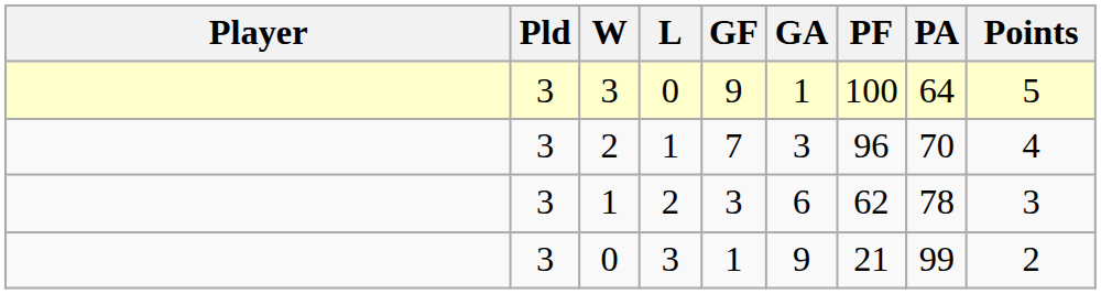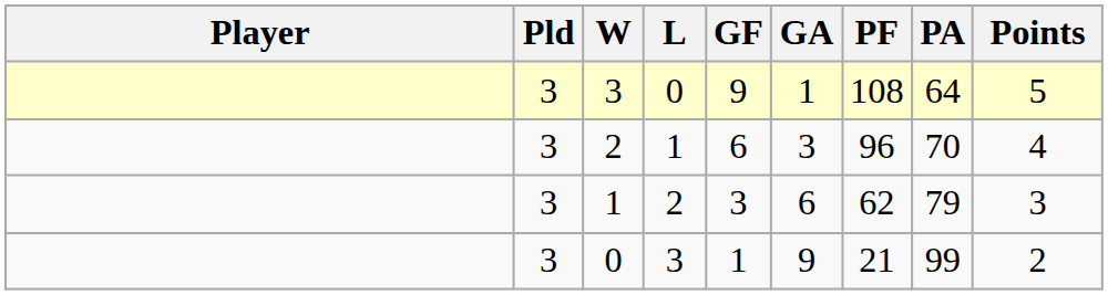 <table class=wikitable style="text-align:center;">
 <tr>
 <th width=220>Player</th>
 <th width=20>Pld</th>
 <th width=20>W</th>
 <th width=20>L</th>
 <th width=20>GF</th>
 <th width=20>GA</th>
 <th width=20>PF</th>
 <th width=20>PA</th>
 <th width=50>Points</th>
 </tr>
 <tr bgcolor=#ffffcc>
 <td style="text-align:left;"></td>
 <td>3</td>
 <td>3</td>
 <td>0</td>
 <td>9</td>
 <td>1</td>
-<td>100</td>
+<td>108</td>
 <td>64</td>
 <td>5</td>
 </tr>
 <tr>
 <td style="text-align:left;"></td>
 <td>3</td>
 <td>2</td>
 <td>1</td>
-<td>7</td>
+<td>6</td>
 <td>3</td>
 <td>96</td>
 <td>70</td>
 <td>4</td>
 </tr>
 <tr>
 <td style="text-align:left;"></td>
 <td>3</td>
 <td>1</td>
 <td>2</td>
 <td>3</td>
 <td>6</td>
 <td>62</td>
-<td>78</td>
+<td>79</td>
 <td>3</td>
 </tr>
 <tr>
 <td style="text-align:left;"></td>
 <td>3</td>
 <td>0</td>
 <td>3</td>
 <td>1</td>
 <td>9</td>
 <td>21</td>
 <td>99</td>
 <td>2</td>
 </tr>
 </table>
